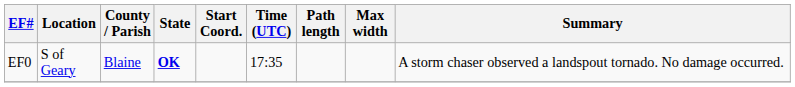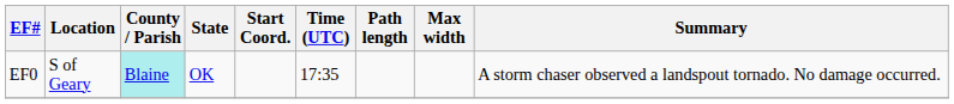 <table class="wikitable sortable" style="width:100%;">
 <tr>
 <th scope="col"  style="width:3%; text-align:center;"><a href='#'>EF#</a></th>
 <th scope="col"  style="width:7%; text-align:center;" class="unsortable">Location</th>
 <th scope="col"  style="width:6%; text-align:center;" class="unsortable">County / Parish</th>
 <th scope="col"  style="width:5%; text-align:center;">State</th>
 <th scope="col"  style="width:6%; text-align:center;">Start Coord.</th>
 <th scope="col"  style="width:6%; text-align:center;">Time (<a href='#'>UTC</a>)</th>
 <th scope="col"  style="width:6%; text-align:center;">Path length</th>
 <th scope="col"  style="width:6%; text-align:center;">Max width</th>
 <th scope="col" class="unsortable" style="width:48%; text-align:center;">Summary</th>
 </tr>
 <tr>
 <td>EF0</td>
 <td>S of <a href='#'>Geary</a></td>
-<td><a href='#'>Blaine</a></td>
-<td><strong><a href='#'>OK</a></strong></td>
+<td style="background: paleturquoise;"><a href='#'>Blaine</a></td>
+<td><a href='#'>OK</a></td>
 <td></td>
 <td>17:35</td>
 <td></td>
 <td></td>
 <td>A storm chaser observed a landspout tornado. No damage occurred.</td>
 </tr>
 <tr>
 </tr>
 </table>
